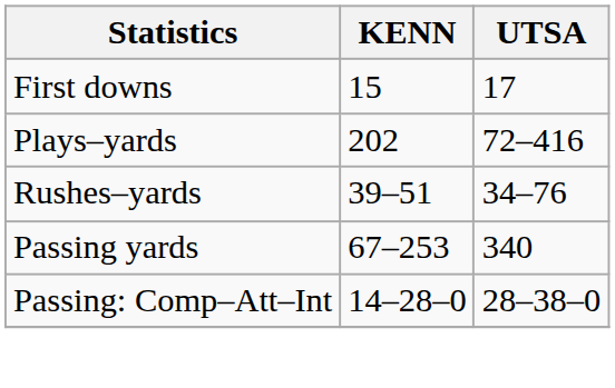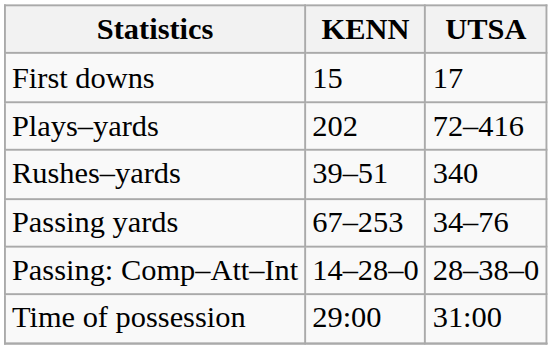 <table class="wikitable" style="float: left;">
 <tr>
 <th>Statistics</th>
 <th>KENN</th>
 <th>UTSA</th>
 </tr>
 <tr>
 <td>First downs</td>
 <td>15</td>
 <td>17</td>
 </tr>
 <tr>
 <td>Plays–yards</td>
 <td>202</td>
 <td>72–416</td>
 </tr>
 <tr>
 <td>Rushes–yards</td>
 <td>39–51</td>
-<td>34–76</td>
+<td>340</td>
 </tr>
 <tr>
 <td>Passing yards</td>
 <td>67–253</td>
-<td>340</td>
+<td>34–76</td>
 </tr>
 <tr>
 <td>Passing: Comp–Att–Int</td>
 <td>14–28–0</td>
 <td>28–38–0</td>
 </tr>
 <tr>
+<td>Time of possession</td>
+<td>29:00</td>
+<td>31:00</td>
+</tr>
+<tr>
 </tr>
 </table>
